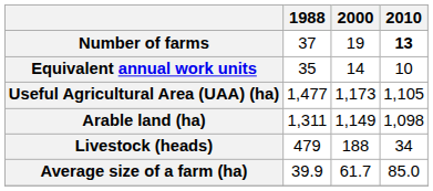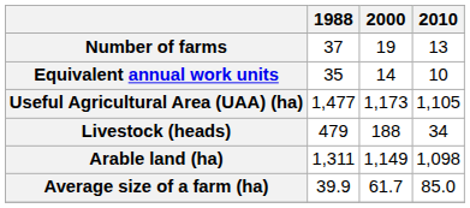 <table class="wikitable" style="margin: 1em auto 1em auto; text-align:center; align:center">
 <tr style="background: #DDFFDD;">
 <th></th>
 <th>1988</th>
 <th>2000</th>
 <th>2010</th>
 </tr>
 <tr style="background: #FFFFFF;">
 <th scope="row">Number of farms</th>
 <td>37</td>
 <td>19</td>
-<td><strong>13</strong></td>
+<td>13</td>
 </tr>
 <tr style="background: #FFFFFF;">
 <th scope="row">Equivalent <a href='#'>annual work units</a></th>
 <td>35</td>
 <td>14</td>
 <td>10</td>
 </tr>
 <tr style="background: #FFFFFF;">
 <th scope="row">Useful Agricultural Area (UAA) (ha)</th>
 <td>1,477</td>
 <td>1,173</td>
 <td>1,105</td>
 </tr>
 <tr style="background: #FFFFFF;">
+<th scope="row">Livestock (heads)</th>
+<td>479</td>
+<td>188</td>
+<td>34</td>
+</tr>
+<tr style="background: #FFFFFF;">
 <th scope="row">Arable land (ha)</th>
 <td>1,311</td>
 <td>1,149</td>
 <td>1,098</td>
-</tr>
-<tr style="background: #FFFFFF;">
-<th scope="row">Livestock (heads)</th>
-<td>479</td>
-<td>188</td>
-<td>34</td>
 </tr>
 <tr style="background: #FFFFFF;">
 <th scope="row">Average size of a farm (ha)</th>
 <td>39.9</td>
 <td>61.7</td>
 <td>85.0</td>
 </tr>
 <tr>
 </tr>
 </table>
